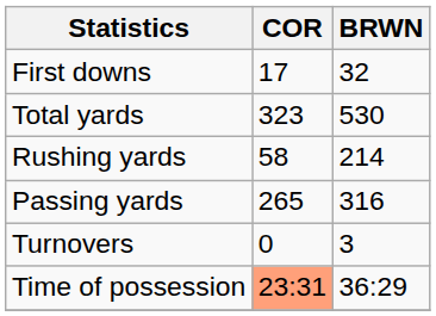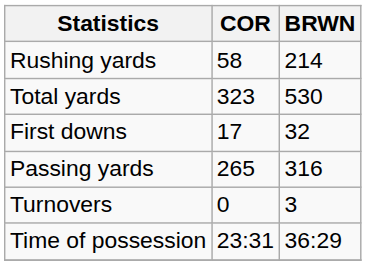 <table class="wikitable" style="float: left;">
 <tr>
 <th>Statistics</th>
 <th>COR</th>
 <th>BRWN</th>
 </tr>
 <tr>
-<td>First downs</td>
-<td>17</td>
-<td>32</td>
+<td>Rushing yards</td>
+<td>58</td>
+<td>214</td>
 </tr>
 <tr>
 <td>Total yards</td>
 <td>323</td>
 <td>530</td>
 </tr>
 <tr>
-<td>Rushing yards</td>
-<td>58</td>
-<td>214</td>
+<td>First downs</td>
+<td>17</td>
+<td>32</td>
 </tr>
 <tr>
 <td>Passing yards</td>
 <td>265</td>
 <td>316</td>
 </tr>
 <tr>
 <td>Turnovers</td>
 <td>0</td>
 <td>3</td>
 </tr>
 <tr>
 <td>Time of possession</td>
-<td style="background: lightsalmon;">23:31</td>
+<td>23:31</td>
 <td>36:29</td>
 </tr>
 <tr>
 </tr>
 </table>
